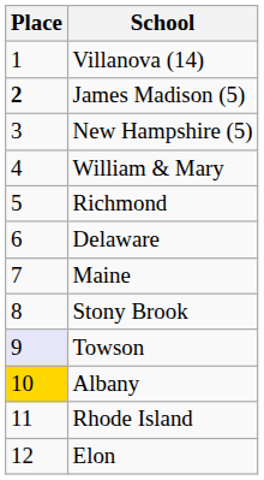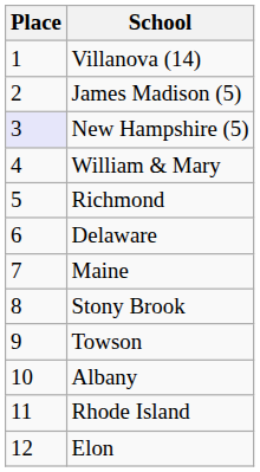 <table Class="wikitable">
 <tr align=center>
 <th>Place</th>
 <th>School</th>
 </tr>
 <tr>
 <td>1</td>
 <td>Villanova (14)</td>
 </tr>
 <tr>
-<td><strong>2</strong></td>
+<td>2</td>
 <td>James Madison (5)</td>
 </tr>
 <tr>
-<td>3</td>
+<td style="background: lavender;">3</td>
 <td>New Hampshire (5)</td>
 </tr>
 <tr>
 <td>4</td>
 <td>William & Mary</td>
 </tr>
 <tr>
 <td>5</td>
 <td>Richmond</td>
 </tr>
 <tr>
 <td>6</td>
 <td>Delaware</td>
 </tr>
 <tr>
 <td>7</td>
 <td>Maine</td>
 </tr>
 <tr>
 <td>8</td>
 <td>Stony Brook</td>
 </tr>
 <tr>
-<td style="background: lavender;">9</td>
+<td>9</td>
 <td>Towson</td>
 </tr>
 <tr>
-<td style="background: gold;">10</td>
+<td>10</td>
 <td>Albany</td>
 </tr>
 <tr>
 <td>11</td>
 <td>Rhode Island</td>
 </tr>
 <tr>
 <td>12</td>
 <td>Elon</td>
 </tr>
 </table>
